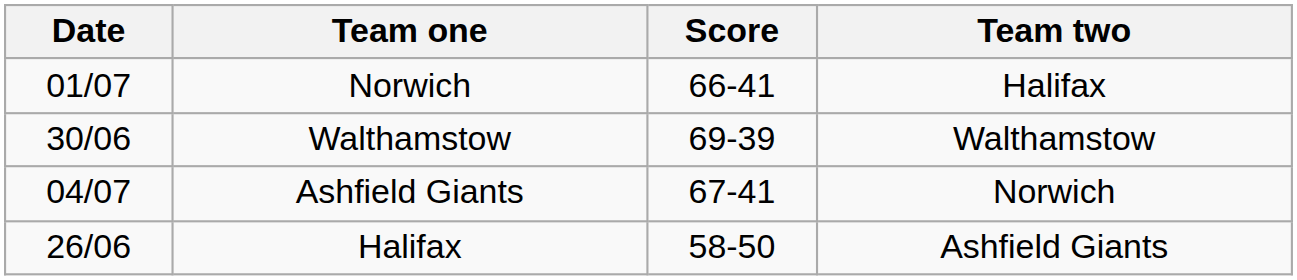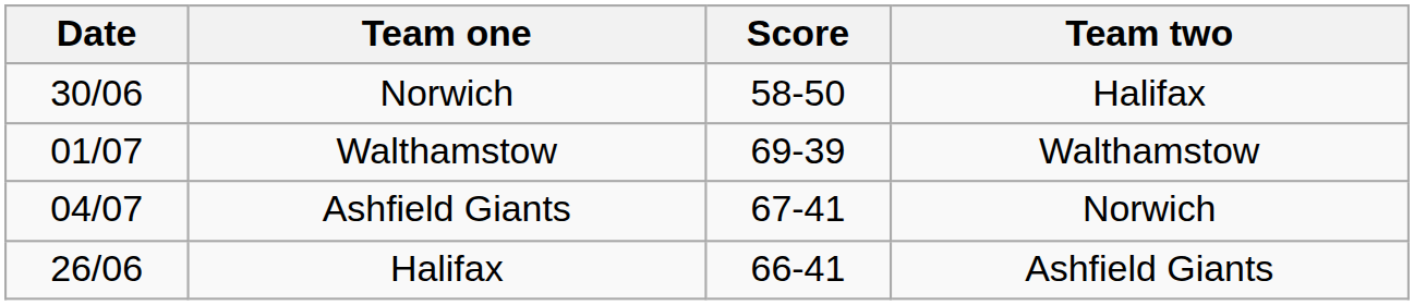 <table class="wikitable" style="text-align: center">
 <tr>
 <th width=80>Date</th>
 <th width=250>Team one</th>
 <th width=80>Score</th>
 <th width=250>Team two</th>
 </tr>
 <tr>
-<td>01/07</td>
+<td>30/06</td>
 <td>Norwich</td>
-<td>66-41</td>
+<td>58-50</td>
 <td>Halifax</td>
 </tr>
 <tr>
-<td>30/06</td>
+<td>01/07</td>
 <td>Walthamstow</td>
 <td>69-39</td>
 <td>Walthamstow</td>
 </tr>
 <tr>
 <td>04/07</td>
 <td>Ashfield Giants</td>
 <td>67-41</td>
 <td>Norwich</td>
 </tr>
 <tr>
 <td>26/06</td>
 <td>Halifax</td>
-<td>58-50</td>
+<td>66-41</td>
 <td>Ashfield Giants</td>
 </tr>
 </table>
